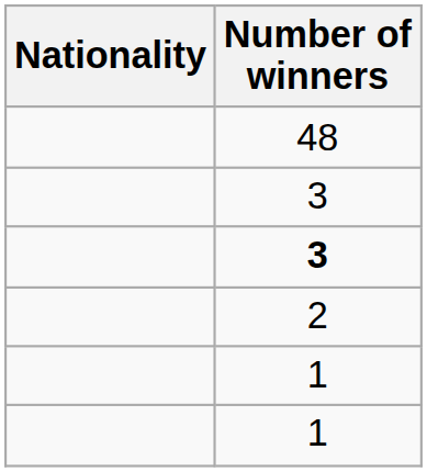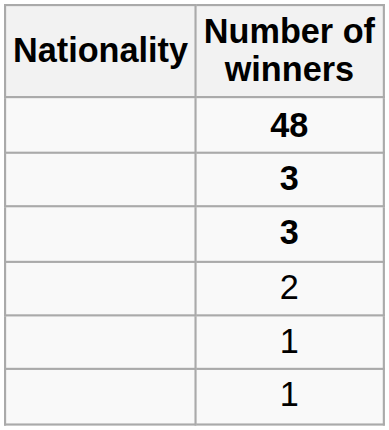 <table class="sortable wikitable">
 <tr>
 <th>Nationality</th>
 <th>Number of<br>winners</th>
 </tr>
 <tr>
 <td></td>
-<td align=center>48</td>
+<td align=center><strong>48</strong></td>
 </tr>
 <tr>
 <td></td>
-<td align=center>3</td>
+<td align=center><strong>3</strong></td>
 </tr>
 <tr>
 <td></td>
 <td align=center><strong>3</strong></td>
 </tr>
 <tr>
 <td></td>
 <td align=center>2</td>
 </tr>
 <tr>
 <td></td>
 <td align=center>1</td>
 </tr>
 <tr>
 <td></td>
 <td align=center>1</td>
 </tr>
 </table>
